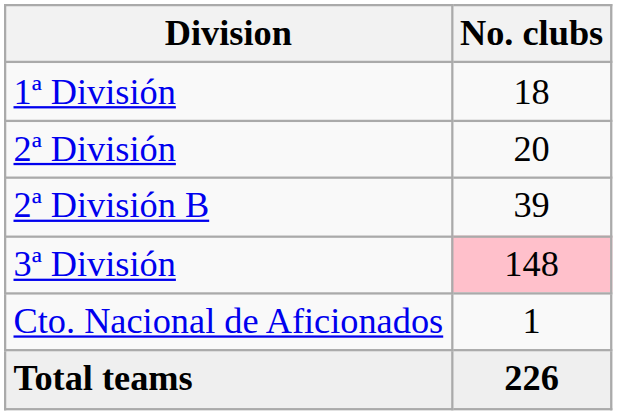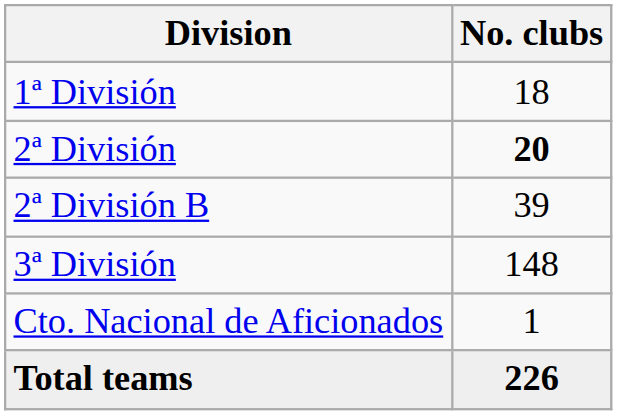 <table class="wikitable">
 <tr>
 <th>Division</th>
 <th>No. clubs</th>
 </tr>
 <tr>
 <td><a href='#'>1ª División</a></td>
 <td align=center>18</td>
 </tr>
 <tr>
 <td><a href='#'>2ª División</a></td>
-<td align=center>20</td>
+<td align=center><strong>20</strong></td>
 </tr>
 <tr>
 <td><a href='#'>2ª División B</a></td>
 <td align=center>39</td>
 </tr>
 <tr>
 <td><a href='#'>3ª División</a></td>
-<td align=center style="background: pink;">148</td>
+<td align=center>148</td>
 </tr>
 <tr>
 <td><a href='#'>Cto. Nacional de Aficionados</a></td>
 <td align=center>1</td>
 </tr>
 <tr style="background:#efefef; font-weight:bold;">
 <td>Total teams</td>
 <td align=center>226</td>
 </tr>
 </table>
